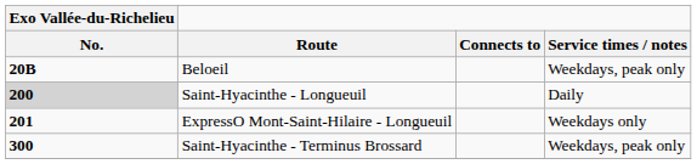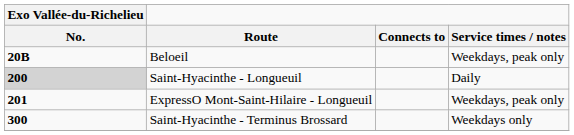 <table align=center class="wikitable">
 <tr>
 <th style="background: #">Exo Vallée-du-Richelieu</th>
 </tr>
 <tr>
 <th>No.</th>
 <th>Route</th>
 <th>Connects to</th>
 <th>Service times / notes</th>
 </tr>
 <tr>
 <td {{border> <strong>20B</strong></td>
 <td>Beloeil</td>
 <td></td>
 <td>Weekdays, peak only</td>
 </tr>
 <tr>
 <td {{border style="background: lightgrey;"> <strong>200</strong></td>
 <td>Saint-Hyacinthe - Longueuil</td>
 <td></td>
 <td>Daily</td>
 </tr>
 <tr>
 <td {{border> <strong>201</strong></td>
 <td>ExpressO Mont-Saint-Hilaire - Longueuil</td>
 <td></td>
-<td>Weekdays only</td>
+<td>Weekdays, peak only</td>
 </tr>
 <tr>
 <td {{border> <strong>300</strong></td>
 <td>Saint-Hyacinthe - Terminus Brossard</td>
 <td></td>
-<td>Weekdays, peak only</td>
+<td>Weekdays only</td>
 </tr>
 <tr>
 </tr>
 </table>
